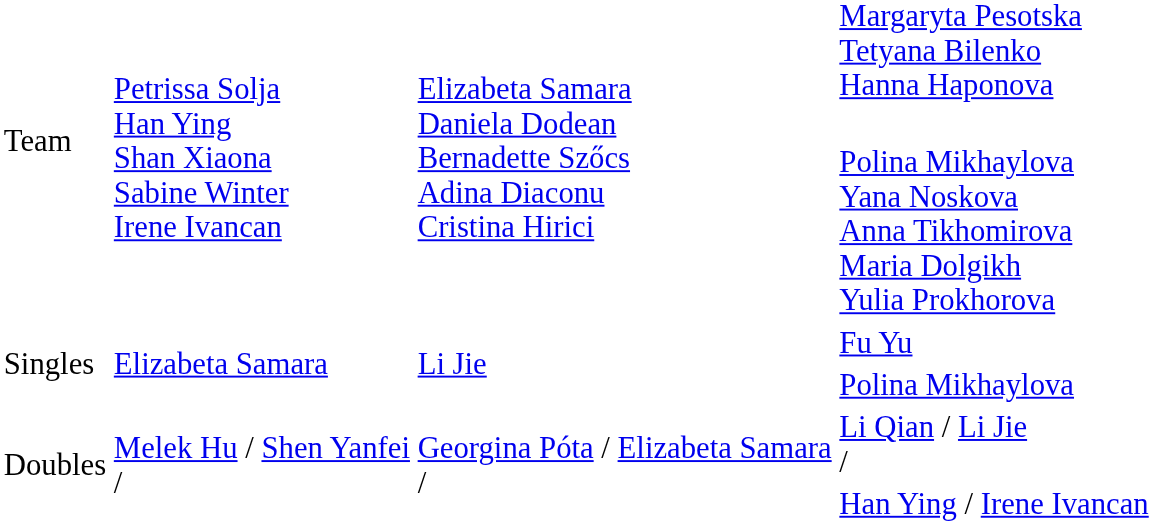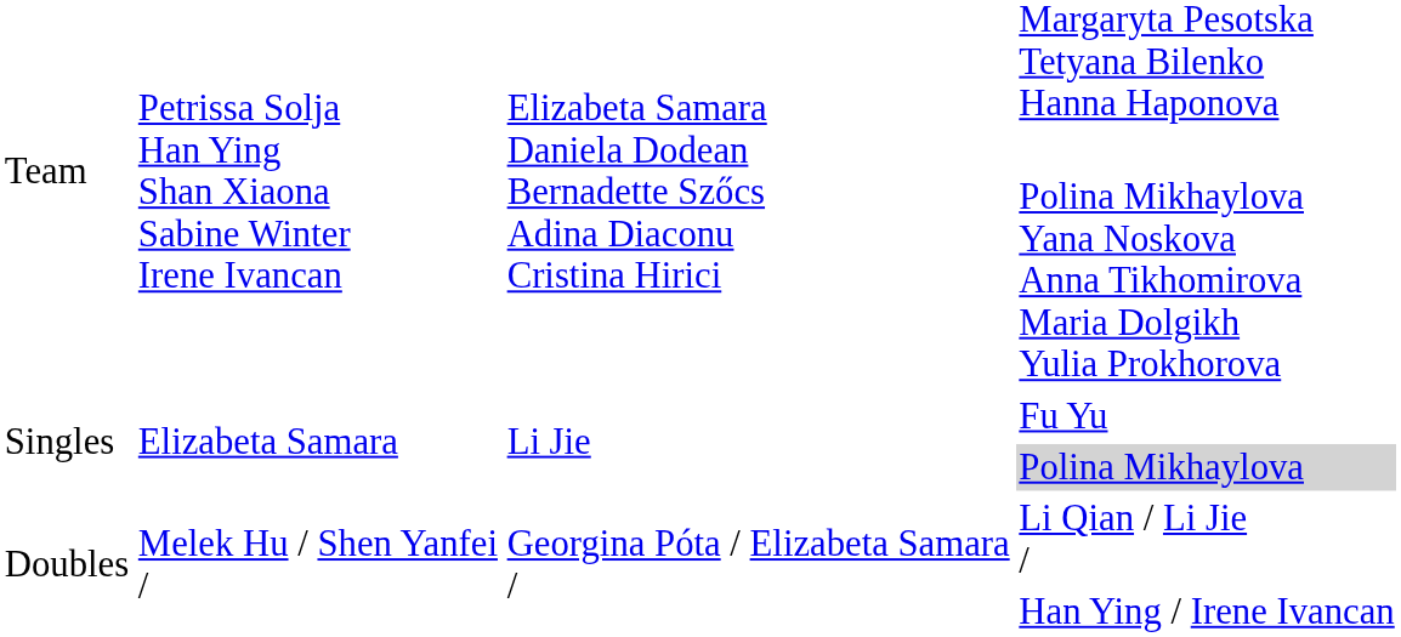 <table>
 <tr>
 <td rowspan=2>Team</td>
 <td rowspan=2><br><a href='#'>Petrissa Solja</a><br><a href='#'>Han Ying</a><br><a href='#'>Shan Xiaona</a><br><a href='#'>Sabine Winter</a><br><a href='#'>Irene Ivancan</a></td>
 <td rowspan=2><br><a href='#'>Elizabeta Samara</a><br><a href='#'>Daniela Dodean</a><br><a href='#'>Bernadette Szőcs</a><br><a href='#'>Adina Diaconu</a><br><a href='#'>Cristina Hirici</a></td>
 <td><br><a href='#'>Margaryta Pesotska</a><br><a href='#'>Tetyana Bilenko</a><br><a href='#'>Hanna Haponova</a></td>
 </tr>
 <tr>
 <td><br><a href='#'>Polina Mikhaylova</a><br><a href='#'>Yana Noskova</a><br><a href='#'>Anna Tikhomirova</a><br><a href='#'>Maria Dolgikh</a><br><a href='#'>Yulia Prokhorova</a></td>
 </tr>
 <tr>
 <td rowspan=2>Singles</td>
 <td rowspan=2><a href='#'>Elizabeta Samara</a><br></td>
 <td rowspan=2><a href='#'>Li Jie</a><br></td>
 <td><a href='#'>Fu Yu</a><br></td>
 </tr>
 <tr>
-<td><a href='#'>Polina Mikhaylova</a><br></td>
+<td style="background: lightgrey;"><a href='#'>Polina Mikhaylova</a><br></td>
 </tr>
 <tr>
 <td rowspan=2>Doubles</td>
 <td rowspan=2><a href='#'>Melek Hu</a> / <a href='#'>Shen Yanfei</a><br> / </td>
 <td rowspan=2><a href='#'>Georgina Póta</a> / <a href='#'>Elizabeta Samara</a><br> / </td>
 <td><a href='#'>Li Qian</a> / <a href='#'>Li Jie</a><br> / </td>
 </tr>
 <tr>
 <td><a href='#'>Han Ying</a> / <a href='#'>Irene Ivancan</a><br></td>
 </tr>
 </table>
